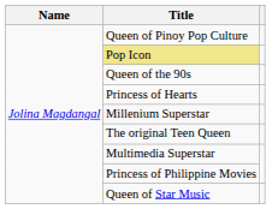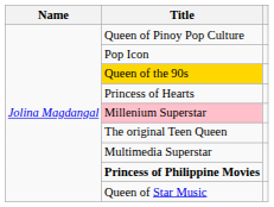 <table class="wikitable sortable plainrowheaders">
 <tr>
 <th scope="col">Name</th>
 <th scope="col">Title</th>
 <th scope="col" class="unsortable"></th>
 </tr>
 <tr>
 <td rowspan="9"><em><a href='#'>Jolina Magdangal</a></em></td>
 <td>Queen of Pinoy Pop Culture</td>
 <td></td>
 </tr>
 <tr>
-<td style="background: khaki;">Pop Icon</td>
+<td>Pop Icon</td>
 <td></td>
 </tr>
 <tr>
-<td>Queen of the 90s</td>
+<td style="background: gold;">Queen of the 90s</td>
 <td></td>
 </tr>
 <tr>
 <td>Princess of Hearts</td>
 <td></td>
 </tr>
 <tr>
-<td>Millenium Superstar</td>
+<td style="background: pink;">Millenium Superstar</td>
 <td></td>
 </tr>
 <tr>
 <td>The original Teen Queen</td>
 <td></td>
 </tr>
 <tr>
 <td>Multimedia Superstar</td>
 <td rowspan="2"></td>
 </tr>
 <tr>
-<td>Princess of Philippine Movies</td>
+<td><strong>Princess of Philippine Movies</strong></td>
 </tr>
 <tr>
 <td>Queen of <a href='#'>Star Music</a></td>
 <td></td>
 </tr>
 </table>
